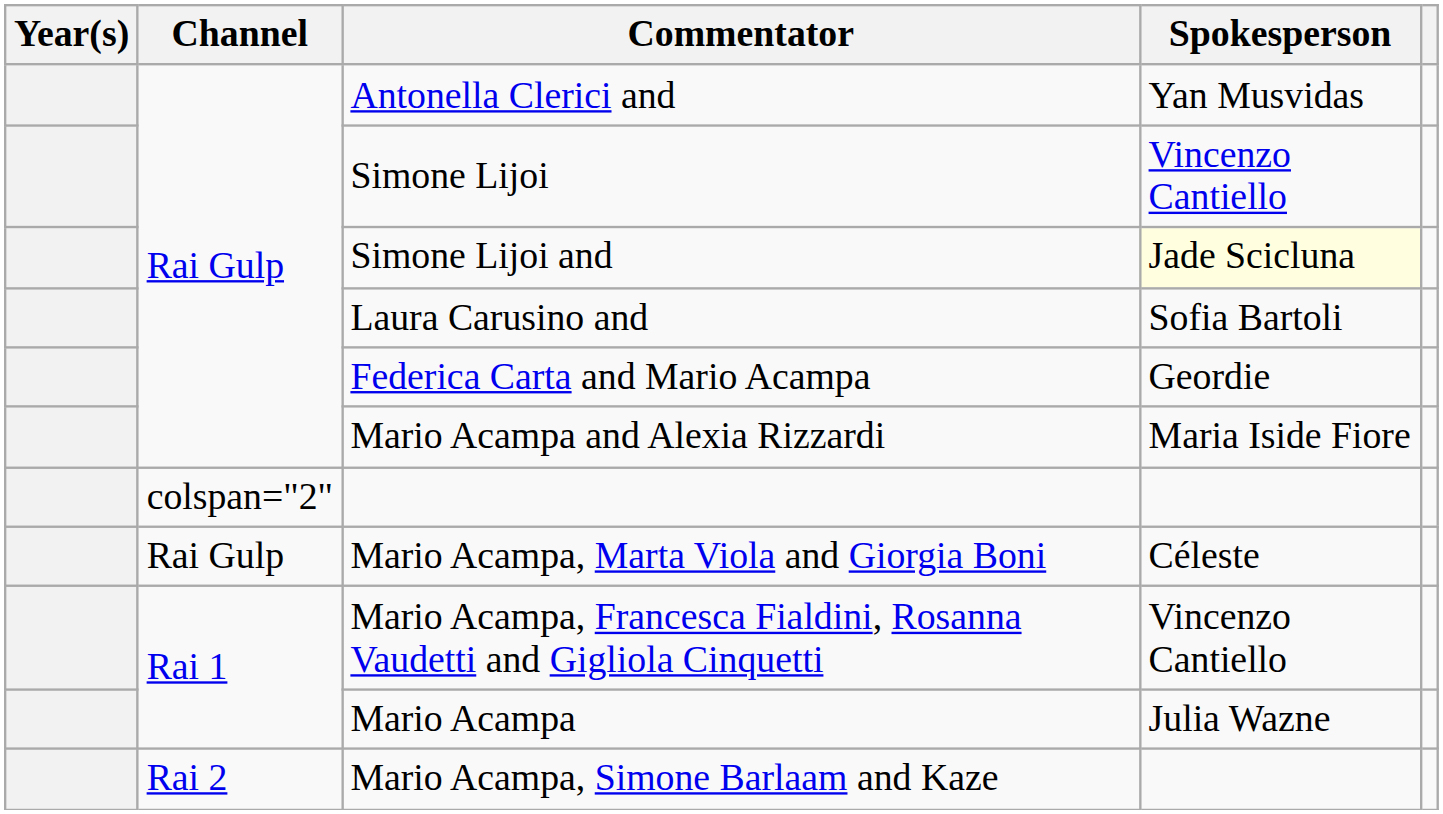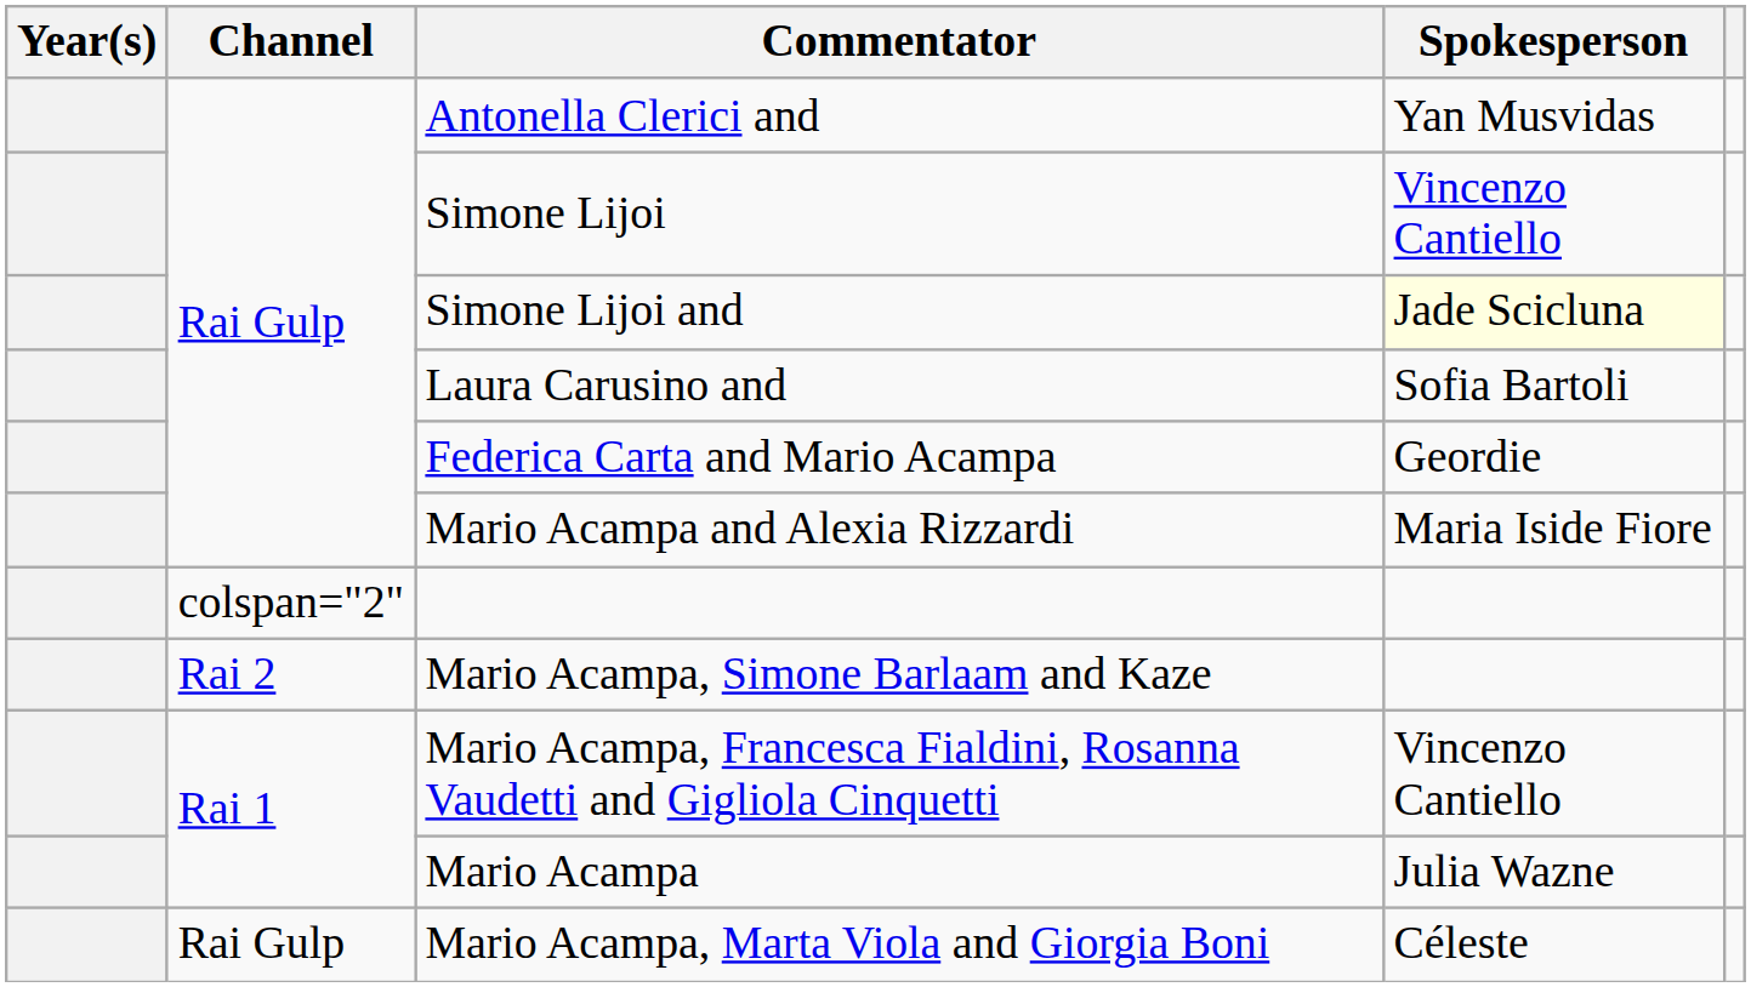 <table class="wikitable sortable plainrowheaders">
 <tr>
 <th>Year(s)</th>
 <th>Channel</th>
 <th>Commentator</th>
 <th>Spokesperson</th>
 <th class="unsortable"></th>
 </tr>
 <tr>
 <th scope="row"></th>
 <td rowspan="6"><a href='#'>Rai Gulp</a></td>
 <td><a href='#'>Antonella Clerici</a> and </td>
 <td>Yan Musvidas</td>
 <td></td>
 </tr>
 <tr>
 <th scope="row"></th>
 <td>Simone Lijoi</td>
 <td><a href='#'>Vincenzo Cantiello</a></td>
 <td></td>
 </tr>
 <tr>
 <th scope="row"></th>
 <td>Simone Lijoi and </td>
 <td style="background: lightyellow;">Jade Scicluna</td>
 <td></td>
 </tr>
 <tr>
 <th scope="row"></th>
 <td>Laura Carusino and </td>
 <td>Sofia Bartoli</td>
 <td></td>
 </tr>
 <tr>
 <th scope="row"></th>
 <td><a href='#'>Federica Carta</a> and Mario Acampa</td>
 <td>Geordie</td>
 <td></td>
 </tr>
 <tr>
 <th scope="row"></th>
 <td>Mario Acampa and Alexia Rizzardi</td>
 <td>Maria Iside Fiore</td>
 <td></td>
 </tr>
 <tr>
 <th scope="row"></th>
 <td>colspan="2" </td>
 <td></td>
 <td></td>
 </tr>
 <tr>
 <th scope="row"></th>
-<td>Rai Gulp</td>
-<td>Mario Acampa, <a href='#'>Marta Viola</a> and <a href='#'>Giorgia Boni</a></td>
-<td>Céleste</td>
+<td><a href='#'>Rai 2</a></td>
+<td>Mario Acampa, <a href='#'>Simone Barlaam</a> and Kaze</td>
+<td></td>
 <td></td>
 </tr>
 <tr>
 <th scope="row"></th>
 <td rowspan="2"><a href='#'>Rai 1</a></td>
 <td>Mario Acampa, <a href='#'>Francesca Fialdini</a>, <a href='#'>Rosanna Vaudetti</a> and <a href='#'>Gigliola Cinquetti</a></td>
 <td>Vincenzo Cantiello</td>
 <td></td>
 </tr>
 <tr>
 <th scope="row"></th>
 <td>Mario Acampa</td>
 <td>Julia Wazne</td>
 <td></td>
 </tr>
 <tr>
 <th scope="row"></th>
-<td><a href='#'>Rai 2</a></td>
-<td>Mario Acampa, <a href='#'>Simone Barlaam</a> and Kaze</td>
-<td></td>
+<td>Rai Gulp</td>
+<td>Mario Acampa, <a href='#'>Marta Viola</a> and <a href='#'>Giorgia Boni</a></td>
+<td>Céleste</td>
 <td></td>
 </tr>
 </table>
